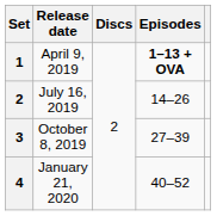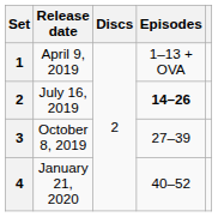 <table class="wikitable" style="text-align: center; width: 21%;">
 <tr>
 <th scope="col" 175px;>Set</th>
 <th scope="col" 125px;>Release date</th>
 <th scope="col">Discs</th>
 <th scope="col">Episodes</th>
 <th scope="col"></th>
 </tr>
 <tr>
 <th scope="row">1</th>
 <td>April 9, 2019</td>
 <td rowspan="9">2</td>
-<td><strong>1–13 + OVA</strong></td>
+<td>1–13 + OVA</td>
 <td></td>
 </tr>
 <tr>
 <th scope="row">2</th>
 <td>July 16, 2019</td>
-<td>14–26</td>
+<td><strong>14–26</strong></td>
 <td></td>
 </tr>
 <tr>
 <th scope="row">3</th>
 <td>October 8, 2019</td>
 <td>27–39</td>
 <td></td>
 </tr>
 <tr>
 <th scope="row">4</th>
 <td>January 21, 2020</td>
 <td>40–52</td>
 <td></td>
 </tr>
 </table>
